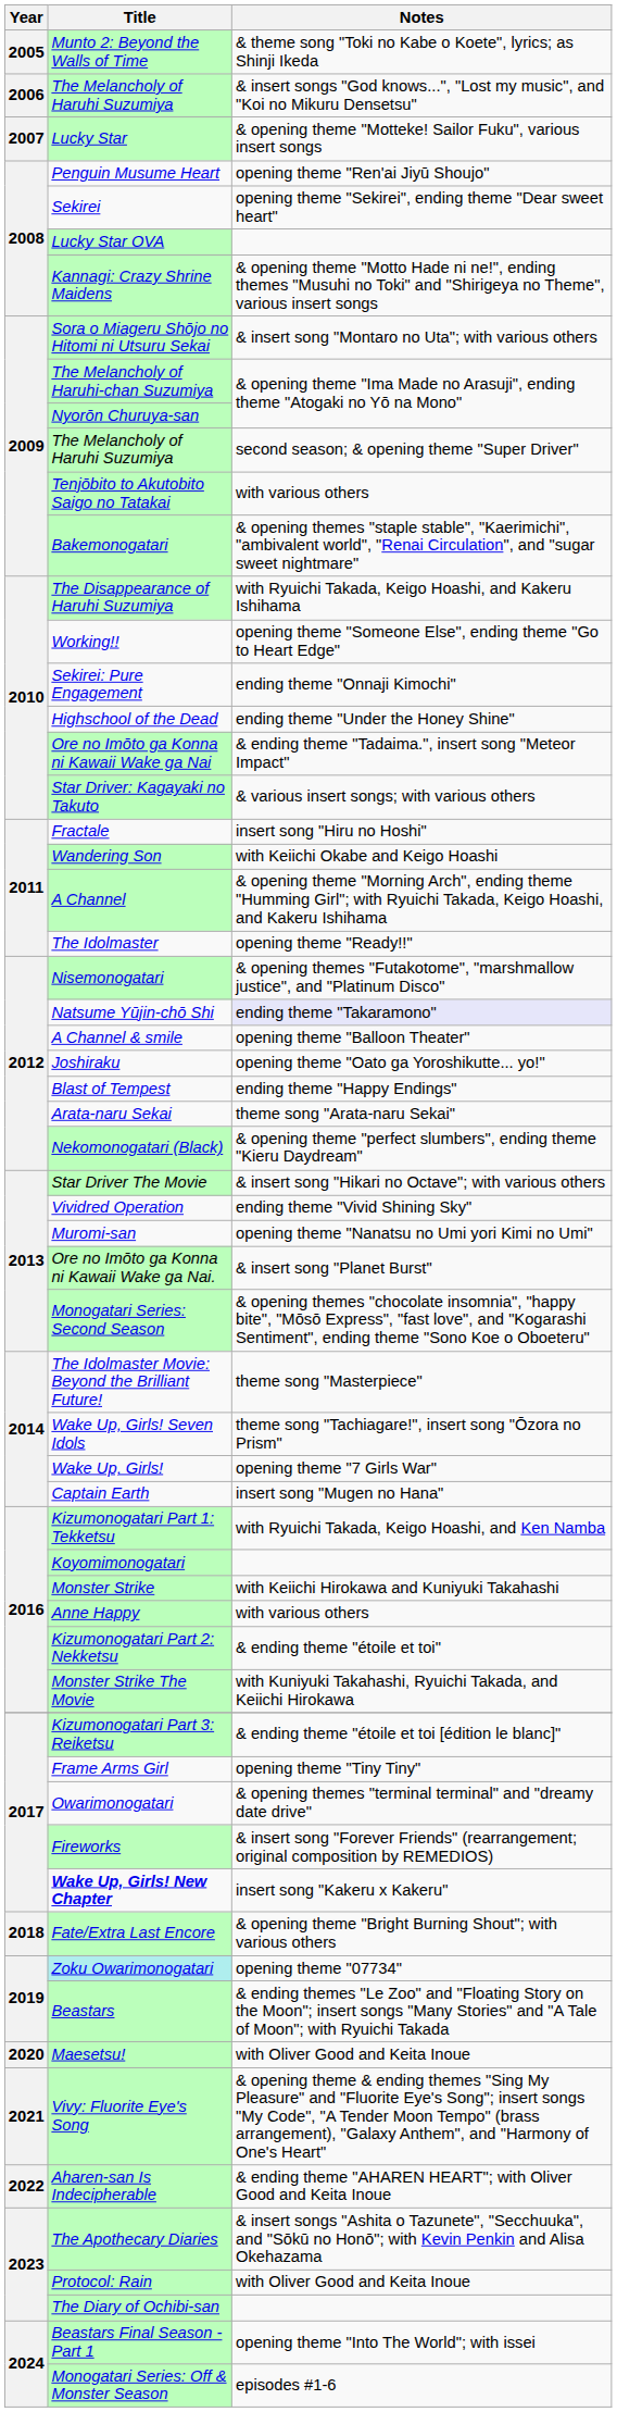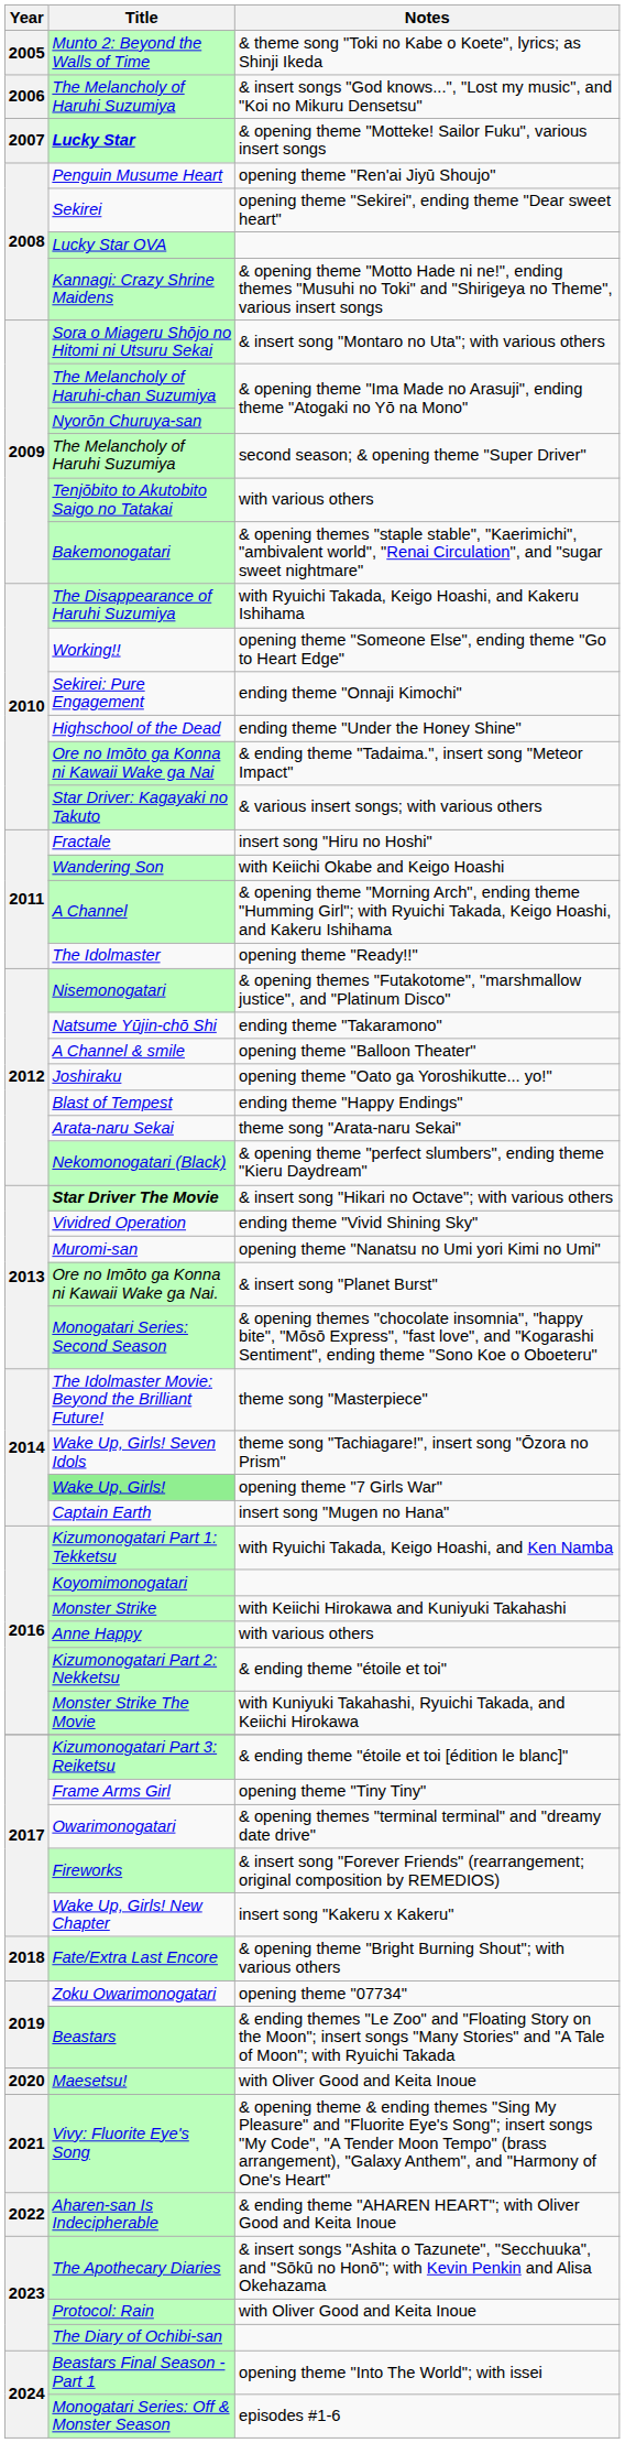 <table class="wikitable sortable">
 <tr>
 <th>Year</th>
 <th>Title</th>
 <th class="unsortable">Notes</th>
 </tr>
 <tr>
 <th rowspan="1">2005</th>
 <td style="background:#bbffbb;"><em><a href='#'>Munto 2: Beyond the Walls of Time</a></em></td>
 <td>& theme song "Toki no Kabe o Koete", lyrics; as Shinji Ikeda</td>
 </tr>
 <tr>
 <th rowspan="1">2006</th>
 <td style="background:#bbffbb;"><em><a href='#'>The Melancholy of Haruhi Suzumiya</a></em></td>
 <td>& insert songs "God knows...", "Lost my music", and "Koi no Mikuru Densetsu"</td>
 </tr>
 <tr>
 <th rowspan="1">2007</th>
-<td style="background:#bbffbb;"><em><a href='#'>Lucky Star</a></em></td>
+<td style="background:#bbffbb;"><strong><em><a href='#'>Lucky Star</a></em></strong></td>
 <td>& opening theme "Motteke! Sailor Fuku", various insert songs</td>
 </tr>
 <tr>
 <th rowspan="4">2008</th>
 <td><em><a href='#'>Penguin Musume Heart</a></em></td>
 <td>opening theme "Ren'ai Jiyū Shoujo"</td>
 </tr>
 <tr>
 <td><em><a href='#'>Sekirei</a></em></td>
 <td>opening theme "Sekirei", ending theme "Dear sweet heart"</td>
 </tr>
 <tr>
 <td style="background:#bbffbb;"><em><a href='#'>Lucky Star OVA</a></em></td>
 <td></td>
 </tr>
 <tr>
 <td style="background:#bbffbb;"><em><a href='#'>Kannagi: Crazy Shrine Maidens</a></em></td>
 <td>& opening theme "Motto Hade ni ne!", ending themes "Musuhi no Toki" and "Shirigeya no Theme", various insert songs</td>
 </tr>
 <tr>
 <th rowspan="6">2009</th>
 <td style="background:#bbffbb;"><em><a href='#'>Sora o Miageru Shōjo no Hitomi ni Utsuru Sekai</a></em></td>
 <td>& insert song "Montaro no Uta"; with various others</td>
 </tr>
 <tr>
 <td style="background:#bbffbb;"><em><a href='#'>The Melancholy of Haruhi-chan Suzumiya</a></em></td>
 <td rowspan="2">& opening theme "Ima Made no Arasuji", ending theme "Atogaki no Yō na Mono"</td>
 </tr>
 <tr>
 <td style="background:#bbffbb;"><em><a href='#'>Nyorōn Churuya-san</a></em></td>
 </tr>
 <tr>
 <td style="background:#bbffbb;"><em>The Melancholy of Haruhi Suzumiya</em></td>
 <td>second season; & opening theme "Super Driver"</td>
 </tr>
 <tr>
 <td style="background:#bbffbb;"><em><a href='#'>Tenjōbito to Akutobito Saigo no Tatakai</a></em></td>
 <td>with various others</td>
 </tr>
 <tr>
 <td style="background:#bbffbb;"><em><a href='#'>Bakemonogatari</a></em></td>
 <td>& opening themes "staple stable", "Kaerimichi", "ambivalent world", "<a href='#'>Renai Circulation</a>", and "sugar sweet nightmare"</td>
 </tr>
 <tr>
 <th rowspan="6">2010</th>
 <td style="background:#bbffbb;"><em><a href='#'>The Disappearance of Haruhi Suzumiya</a></em></td>
 <td>with Ryuichi Takada, Keigo Hoashi, and Kakeru Ishihama</td>
 </tr>
 <tr>
 <td><em><a href='#'>Working!!</a></em></td>
 <td>opening theme "Someone Else", ending theme "Go to Heart Edge"</td>
 </tr>
 <tr>
 <td><em><a href='#'>Sekirei: Pure Engagement</a></em></td>
 <td>ending theme "Onnaji Kimochi"</td>
 </tr>
 <tr>
 <td><em><a href='#'>Highschool of the Dead</a></em></td>
 <td>ending theme "Under the Honey Shine"</td>
 </tr>
 <tr>
 <td style="background:#bbffbb;"><em><a href='#'>Ore no Imōto ga Konna ni Kawaii Wake ga Nai</a></em></td>
 <td>& ending theme "Tadaima.", insert song "Meteor Impact"</td>
 </tr>
 <tr>
 <td style="background:#bbffbb;"><em><a href='#'>Star Driver: Kagayaki no Takuto</a></em></td>
 <td>& various insert songs; with various others</td>
 </tr>
 <tr>
 <th rowspan="4">2011</th>
 <td><em><a href='#'>Fractale</a></em></td>
 <td>insert song "Hiru no Hoshi"</td>
 </tr>
 <tr>
 <td style="background:#bbffbb;"><em><a href='#'>Wandering Son</a></em></td>
 <td>with Keiichi Okabe and Keigo Hoashi</td>
 </tr>
 <tr>
 <td style="background:#bbffbb;"><em><a href='#'>A Channel</a></em></td>
 <td>& opening theme "Morning Arch", ending theme "Humming Girl"; with Ryuichi Takada, Keigo Hoashi, and Kakeru Ishihama</td>
 </tr>
 <tr>
 <td><em><a href='#'>The Idolmaster</a></em></td>
 <td>opening theme "Ready!!"</td>
 </tr>
 <tr>
 <th rowspan="7">2012</th>
 <td style="background:#bbffbb;"><em><a href='#'>Nisemonogatari</a></em></td>
 <td>& opening themes "Futakotome", "marshmallow justice", and "Platinum Disco"</td>
 </tr>
 <tr>
 <td><em><a href='#'>Natsume Yūjin-chō Shi</a></em></td>
-<td style="background: lavender;">ending theme "Takaramono"</td>
+<td>ending theme "Takaramono"</td>
 </tr>
 <tr>
 <td><em><a href='#'>A Channel & smile</a></em></td>
 <td>opening theme "Balloon Theater"</td>
 </tr>
 <tr>
 <td><em><a href='#'>Joshiraku</a></em></td>
 <td>opening theme "Oato ga Yoroshikutte... yo!"</td>
 </tr>
 <tr>
 <td><em><a href='#'>Blast of Tempest</a></em></td>
 <td>ending theme "Happy Endings"</td>
 </tr>
 <tr>
 <td><em><a href='#'>Arata-naru Sekai</a></em></td>
 <td>theme song "Arata-naru Sekai"</td>
 </tr>
 <tr>
 <td style="background:#bbffbb;"><em><a href='#'>Nekomonogatari (Black)</a></em></td>
 <td>& opening theme "perfect slumbers", ending theme "Kieru Daydream"</td>
 </tr>
 <tr>
 <th rowspan="5">2013</th>
-<td style="background:#bbffbb;"><em>Star Driver The Movie</em></td>
+<td style="background:#bbffbb;"><strong><em>Star Driver The Movie</em></strong></td>
 <td>& insert song "Hikari no Octave"; with various others</td>
 </tr>
 <tr>
 <td><em><a href='#'>Vividred Operation</a></em></td>
 <td>ending theme "Vivid Shining Sky"</td>
 </tr>
 <tr>
 <td><em><a href='#'>Muromi-san</a></em></td>
 <td>opening theme "Nanatsu no Umi yori Kimi no Umi"</td>
 </tr>
 <tr>
 <td style="background:#bbffbb;"><em>Ore no Imōto ga Konna ni Kawaii Wake ga Nai.</em></td>
 <td>& insert song "Planet Burst"</td>
 </tr>
 <tr>
 <td style="background:#bbffbb;"><em><a href='#'>Monogatari Series: Second Season</a></em></td>
 <td>& opening themes "chocolate insomnia", "happy bite", "Mōsō Express", "fast love", and "Kogarashi Sentiment", ending theme "Sono Koe o Oboeteru"</td>
 </tr>
 <tr>
 <th rowspan="4">2014</th>
 <td><em><a href='#'>The Idolmaster Movie: Beyond the Brilliant Future!</a></em></td>
 <td>theme song "Masterpiece"</td>
 </tr>
 <tr>
 <td><em><a href='#'>Wake Up, Girls! Seven Idols</a></em></td>
 <td>theme song "Tachiagare!", insert song "Ōzora no Prism"</td>
 </tr>
 <tr>
-<td><em><a href='#'>Wake Up, Girls!</a></em></td>
+<td style="background: lightgreen;"><em><a href='#'>Wake Up, Girls!</a></em></td>
 <td>opening theme "7 Girls War"</td>
 </tr>
 <tr>
 <td><em><a href='#'>Captain Earth</a></em></td>
 <td>insert song "Mugen no Hana"</td>
 </tr>
 <tr>
 <th rowspan="6">2016</th>
 <td style="background:#bbffbb;"><em><a href='#'>Kizumonogatari Part 1: Tekketsu</a></em></td>
 <td>with Ryuichi Takada, Keigo Hoashi, and <a href='#'>Ken Namba</a></td>
 </tr>
 <tr>
 <td style="background:#bbffbb;"><em><a href='#'>Koyomimonogatari</a></em></td>
 <td></td>
 </tr>
 <tr>
 <td style="background:#bbffbb;"><em><a href='#'>Monster Strike</a></em></td>
 <td>with Keiichi Hirokawa and Kuniyuki Takahashi</td>
 </tr>
 <tr>
 <td style="background:#bbffbb;"><em><a href='#'>Anne Happy</a></em></td>
 <td>with various others</td>
 </tr>
 <tr>
 <td style="background:#bbffbb;"><em><a href='#'>Kizumonogatari Part 2: Nekketsu</a></em></td>
 <td>& ending theme "étoile et toi"</td>
 </tr>
 <tr>
 <td style="background:#bbffbb;"><em><a href='#'>Monster Strike The Movie</a></em></td>
 <td>with Kuniyuki Takahashi, Ryuichi Takada, and Keiichi Hirokawa</td>
 </tr>
 <tr>
 </tr>
 <tr>
 <th rowspan="5">2017</th>
 <td style="background:#bbffbb;"><em><a href='#'>Kizumonogatari Part 3: Reiketsu</a></em></td>
 <td>& ending theme "étoile et toi [édition le blanc]"</td>
 </tr>
 <tr>
 <td><em><a href='#'>Frame Arms Girl</a></em></td>
 <td>opening theme "Tiny Tiny"</td>
 </tr>
 <tr>
 <td><em><a href='#'>Owarimonogatari</a></em></td>
 <td>& opening themes "terminal terminal" and "dreamy date drive"</td>
 </tr>
 <tr>
 <td style="background:#bbffbb;"><em><a href='#'>Fireworks</a></em></td>
 <td>& insert song "Forever Friends" (rearrangement; original composition by REMEDIOS)</td>
 </tr>
 <tr>
-<td><strong><em><a href='#'>Wake Up, Girls! New Chapter</a></em></strong></td>
+<td><em><a href='#'>Wake Up, Girls! New Chapter</a></em></td>
 <td>insert song "Kakeru x Kakeru"</td>
 </tr>
 <tr>
 <th rowspan="1">2018</th>
 <td style="background:#bbffbb;"><em><a href='#'>Fate/Extra Last Encore</a></em></td>
 <td>& opening theme "Bright Burning Shout"; with various others</td>
 </tr>
 <tr>
 <th rowspan="2">2019</th>
-<td style="background: paleturquoise;"><em><a href='#'>Zoku Owarimonogatari</a></em></td>
+<td><em><a href='#'>Zoku Owarimonogatari</a></em></td>
 <td>opening theme "07734"</td>
 </tr>
 <tr>
 <td style="background:#bbffbb;"><em><a href='#'>Beastars</a></em></td>
 <td>& ending themes "Le Zoo" and "Floating Story on the Moon"; insert songs "Many Stories" and "A Tale of Moon"; with Ryuichi Takada</td>
 </tr>
 <tr>
 <th rowspan="1">2020</th>
 <td style="background:#bbffbb;"><em><a href='#'>Maesetsu!</a></em></td>
 <td>with Oliver Good and Keita Inoue</td>
 </tr>
 <tr>
 <th rowspan="1">2021</th>
 <td style="background:#bbffbb;"><em><a href='#'>Vivy: Fluorite Eye's Song</a></em></td>
 <td>& opening theme & ending themes "Sing My Pleasure" and "Fluorite Eye's Song"; insert songs "My Code", "A Tender Moon Tempo" (brass arrangement), "Galaxy Anthem", and "Harmony of One's Heart"</td>
 </tr>
 <tr>
 <th rowspan="1">2022</th>
 <td style="background:#bbffbb;"><em><a href='#'>Aharen-san Is Indecipherable</a></em></td>
 <td>& ending theme "AHAREN HEART"; with Oliver Good and Keita Inoue</td>
 </tr>
 <tr>
 <th rowspan="3">2023</th>
 <td style="background:#bbffbb;"><em><a href='#'>The Apothecary Diaries</a></em></td>
 <td>& insert songs "Ashita o Tazunete", "Secchuuka", and "Sōkū no Honō"; with <a href='#'>Kevin Penkin</a> and Alisa Okehazama</td>
 </tr>
 <tr>
 <td style="background:#bbffbb;"><em><a href='#'>Protocol: Rain</a></em></td>
 <td>with Oliver Good and Keita Inoue</td>
 </tr>
 <tr>
 <td style="background:#bbffbb;"><em><a href='#'>The Diary of Ochibi-san</a></em></td>
 <td></td>
 </tr>
 <tr>
 <th rowspan="2">2024</th>
 <td style="background:#bbffbb;"><em><a href='#'>Beastars Final Season - Part 1</a></em></td>
 <td>opening theme "Into The World"; with issei</td>
 </tr>
 <tr>
 <td style="background:#bbffbb;"><em><a href='#'>Monogatari Series: Off & Monster Season</a></em></td>
 <td>episodes #1-6</td>
 </tr>
 </table>
